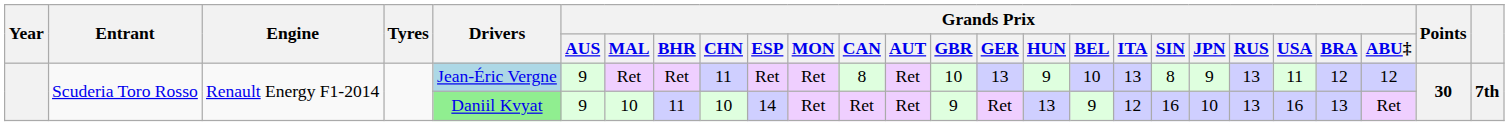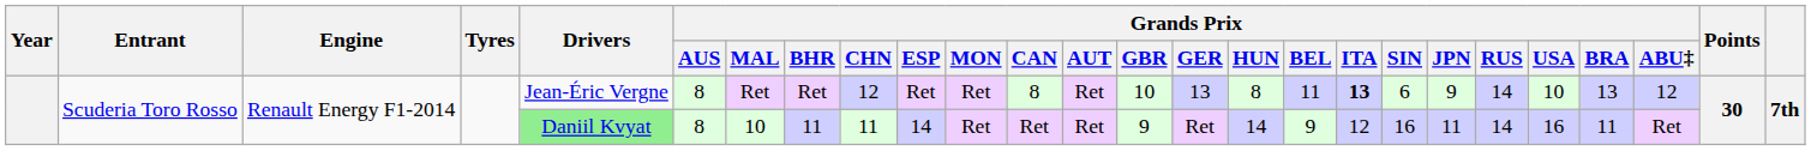 <table class="wikitable" style="text-align:center; font-size:90%">
 <tr>
 <th rowspan="2">Year</th>
 <th rowspan="2">Entrant</th>
 <th rowspan="2">Engine</th>
 <th rowspan="2">Tyres</th>
 <th rowspan="2">Drivers</th>
 <th colspan="19">Grands Prix</th>
 <th rowspan="2">Points</th>
 <th rowspan="2"></th>
 </tr>
 <tr>
 <th><a href='#'>AUS</a></th>
 <th><a href='#'>MAL</a></th>
 <th><a href='#'>BHR</a></th>
 <th><a href='#'>CHN</a></th>
 <th><a href='#'>ESP</a></th>
 <th><a href='#'>MON</a></th>
 <th><a href='#'>CAN</a></th>
 <th><a href='#'>AUT</a></th>
 <th><a href='#'>GBR</a></th>
 <th><a href='#'>GER</a></th>
 <th><a href='#'>HUN</a></th>
 <th><a href='#'>BEL</a></th>
 <th><a href='#'>ITA</a></th>
 <th><a href='#'>SIN</a></th>
 <th><a href='#'>JPN</a></th>
 <th><a href='#'>RUS</a></th>
 <th><a href='#'>USA</a></th>
 <th><a href='#'>BRA</a></th>
 <th><a href='#'>ABU</a>‡</th>
 </tr>
 <tr>
 <th rowspan=2></th>
 <td rowspan=2><a href='#'>Scuderia Toro Rosso</a></td>
 <td rowspan=2><a href='#'>Renault</a> Energy F1-2014</td>
 <td rowspan=2></td>
-<td align="center" style="background: lightblue;"> <a href='#'>Jean-Éric Vergne</a></td>
-<td style="background:#dfffdf;">9</td>
+<td align="center"> <a href='#'>Jean-Éric Vergne</a></td>
+<td style="background:#dfffdf;">8</td>
 <td style="background:#efcfff;">Ret</td>
 <td style="background:#efcfff;">Ret</td>
-<td style="background:#cfcfff;">11</td>
+<td style="background:#cfcfff;">12</td>
 <td style="background:#efcfff;">Ret</td>
 <td style="background:#efcfff;">Ret</td>
 <td style="background:#dfffdf;">8</td>
 <td style="background:#efcfff;">Ret</td>
 <td style="background:#dfffdf;">10</td>
 <td style="background:#cfcfff;">13</td>
+<td style="background:#dfffdf;">8</td>
+<td style="background:#cfcfff;">11</td>
+<td style="background:#cfcfff;"><strong>13</strong></td>
+<td style="background:#dfffdf;">6</td>
 <td style="background:#dfffdf;">9</td>
-<td style="background:#cfcfff;">10</td>
+<td style="background:#cfcfff;">14</td>
+<td style="background:#dfffdf;">10</td>
 <td style="background:#cfcfff;">13</td>
-<td style="background:#dfffdf;">8</td>
-<td style="background:#dfffdf;">9</td>
-<td style="background:#cfcfff;">13</td>
-<td style="background:#dfffdf;">11</td>
-<td style="background:#cfcfff;">12</td>
 <td style="background:#cfcfff;">12</td>
 <th rowspan="2">30</th>
 <th rowspan="2">7th</th>
 </tr>
 <tr>
 <td align="center" style="background: lightgreen;"> <a href='#'>Daniil Kvyat</a></td>
-<td style="background:#dfffdf;">9</td>
+<td style="background:#dfffdf;">8</td>
 <td style="background:#dfffdf;">10</td>
 <td style="background:#cfcfff;">11</td>
-<td style="background:#dfffdf;">10</td>
+<td style="background:#dfffdf;">11</td>
 <td style="background:#cfcfff;">14</td>
 <td style="background:#efcfff;">Ret</td>
 <td style="background:#efcfff;">Ret</td>
 <td style="background:#efcfff;">Ret</td>
 <td style="background:#dfffdf;">9</td>
 <td style="background:#efcfff;">Ret</td>
-<td style="background:#cfcfff;">13</td>
+<td style="background:#cfcfff;">14</td>
 <td style="background:#dfffdf;">9</td>
 <td style="background:#cfcfff;">12</td>
 <td style="background:#cfcfff;">16</td>
-<td style="background:#cfcfff;">10</td>
-<td style="background:#cfcfff;">13</td>
+<td style="background:#cfcfff;">11</td>
+<td style="background:#cfcfff;">14</td>
 <td style="background:#cfcfff;">16</td>
-<td style="background:#cfcfff;">13</td>
+<td style="background:#cfcfff;">11</td>
 <td style="background:#efcfff;">Ret</td>
 </tr>
 </table>
